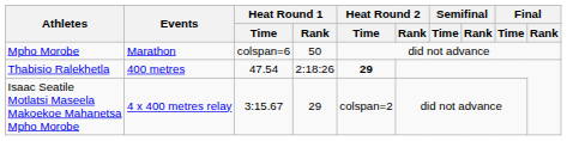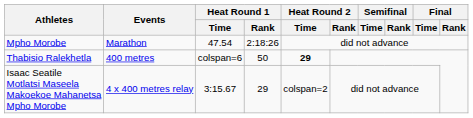 <table class=wikitable style=font-size:90%>
 <tr>
 <th rowspan=2>Athletes</th>
 <th rowspan=2>Events</th>
 <th colspan=2>Heat Round 1</th>
 <th colspan=2>Heat Round 2</th>
 <th colspan=2>Semifinal</th>
 <th colspan=2>Final</th>
 </tr>
 <tr>
 <th>Time</th>
 <th>Rank</th>
 <th>Time</th>
 <th>Rank</th>
 <th>Time</th>
 <th>Rank</th>
 <th>Time</th>
 <th>Rank</th>
 </tr>
 <tr>
 <td><a href='#'>Mpho Morobe</a></td>
 <td><a href='#'>Marathon</a></td>
-<td>colspan=6 </td>
-<td align=center>50</td>
+<td align=center>47.54</td>
+<td align=center>2:18:26</td>
 <td align=center colspan=6>did not advance</td>
 </tr>
 <tr>
 <td><a href='#'>Thabisio Ralekhetla</a></td>
 <td><a href='#'>400 metres</a></td>
-<td align=center>47.54</td>
-<td align=center>2:18:26</td>
+<td>colspan=6 </td>
+<td align=center>50</td>
 <td align=center><strong>29</strong></td>
 </tr>
 <tr>
 <td>Isaac Seatile<br><a href='#'>Motlatsi Maseela</a><br><a href='#'>Makoekoe Mahanetsa</a><br><a href='#'>Mpho Morobe</a></td>
 <td><a href='#'>4 x 400 metres relay</a></td>
 <td align=center>3:15.67</td>
 <td align=center>29</td>
 <td>colspan=2 </td>
 <td align=center colspan=4>did not advance</td>
 </tr>
 </table>
